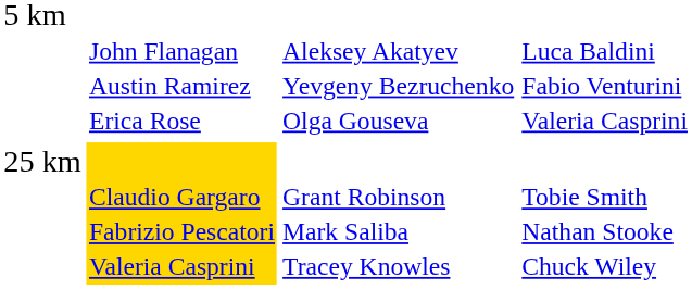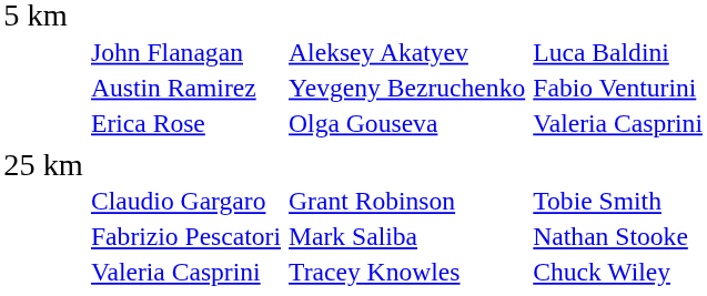 <table>
 <tr valign="top">
 <td>5 km</td>
 <td><br><small><a href='#'>John Flanagan</a><br><a href='#'>Austin Ramirez</a><br><a href='#'>Erica Rose</a></small></td>
 <td><br><small><a href='#'>Aleksey Akatyev</a><br><a href='#'>Yevgeny Bezruchenko</a><br><a href='#'>Olga Gouseva</a></small></td>
 <td><br><small><a href='#'>Luca Baldini</a><br><a href='#'>Fabio Venturini</a><br><a href='#'>Valeria Casprini</a></small></td>
 </tr>
 <tr valign="top">
 <td>25 km</td>
-<td style="background: gold;"><br><small><a href='#'>Claudio Gargaro</a><br><a href='#'>Fabrizio Pescatori</a><br><a href='#'>Valeria Casprini</a></small></td>
+<td><br><small><a href='#'>Claudio Gargaro</a><br><a href='#'>Fabrizio Pescatori</a><br><a href='#'>Valeria Casprini</a></small></td>
 <td><br><small><a href='#'>Grant Robinson</a><br><a href='#'>Mark Saliba</a><br><a href='#'>Tracey Knowles</a></small></td>
 <td><br><small><a href='#'>Tobie Smith</a><br><a href='#'>Nathan Stooke</a><br><a href='#'>Chuck Wiley</a></small></td>
 </tr>
 </table>
